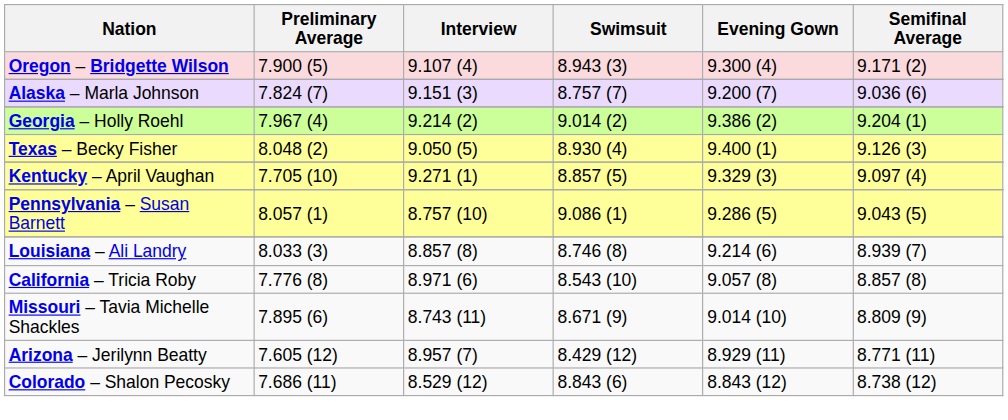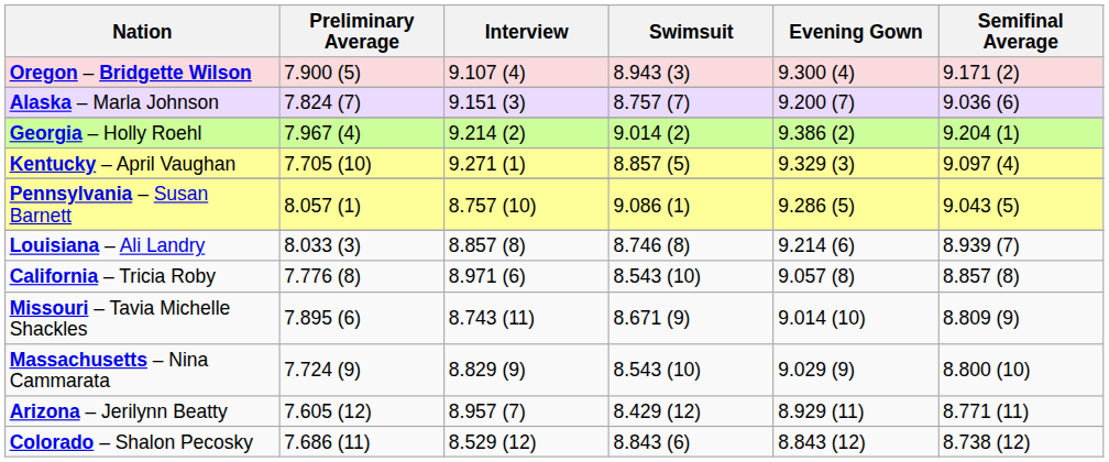 <table class="wikitable sortable collapsible" style="font-size:95%">
 <tr>
 <th width="25%">Nation</th>
 <th>Preliminary<br>Average</th>
 <th width="15%">Interview</th>
 <th width="15%">Swimsuit</th>
 <th width="15%">Evening Gown</th>
 <th width="15%">Semifinal Average</th>
 </tr>
 <tr style="background-color:#FADADD;">
 <td><strong> <a href='#'>Oregon</a></strong> – <strong><a href='#'>Bridgette Wilson</a></strong></td>
 <td>7.900 (5)</td>
 <td>9.107 (4)</td>
 <td>8.943 (3)</td>
 <td>9.300 (4)</td>
 <td>9.171 (2)</td>
 </tr>
 <tr>
 </tr>
 <tr style="background-color:#eadafd;">
 <td><strong> <a href='#'>Alaska</a></strong> – Marla Johnson</td>
 <td>7.824 (7)</td>
 <td>9.151 (3)</td>
 <td>8.757 (7)</td>
 <td>9.200 (7)</td>
 <td>9.036 (6)</td>
 </tr>
 <tr>
 </tr>
 <tr style="background-color:#ccff99;">
 <td><strong> <a href='#'>Georgia</a></strong> – Holly Roehl</td>
 <td>7.967 (4)</td>
 <td>9.214 (2)</td>
 <td>9.014 (2)</td>
 <td>9.386 (2)</td>
 <td>9.204 (1)</td>
-</tr>
-<tr style="background-color:#ffff99">
-<td><strong> <a href='#'>Texas</a></strong> – Becky Fisher</td>
-<td>8.048 (2)</td>
-<td>9.050 (5)</td>
-<td>8.930 (4)</td>
-<td>9.400 (1)</td>
-<td>9.126 (3)</td>
 </tr>
 <tr>
 </tr>
 <tr style="background-color:#ffff99;">
 <td><strong> <a href='#'>Kentucky</a></strong> – April Vaughan</td>
 <td>7.705 (10)</td>
 <td>9.271 (1)</td>
 <td>8.857 (5)</td>
 <td>9.329 (3)</td>
 <td>9.097 (4)</td>
 </tr>
 <tr>
 </tr>
 <tr style="background-color:#ffff99;">
 <td><strong> <a href='#'>Pennsylvania</a></strong> – <a href='#'>Susan Barnett</a></td>
 <td>8.057 (1)</td>
 <td>8.757 (10)</td>
 <td>9.086 (1)</td>
 <td>9.286 (5)</td>
 <td>9.043 (5)</td>
 </tr>
 <tr>
 </tr>
 <tr>
 </tr>
 <tr>
 <td><strong> <a href='#'>Louisiana</a></strong> – <a href='#'>Ali Landry</a></td>
 <td>8.033 (3)</td>
 <td>8.857 (8)</td>
 <td>8.746 (8)</td>
 <td>9.214 (6)</td>
 <td>8.939 (7)</td>
 </tr>
 <tr>
 <td><strong> <a href='#'>California</a></strong> – Tricia Roby</td>
 <td>7.776 (8)</td>
 <td>8.971 (6)</td>
 <td>8.543 (10)</td>
 <td>9.057 (8)</td>
 <td>8.857 (8)</td>
 </tr>
 <tr>
 <td><strong> <a href='#'>Missouri</a></strong> – Tavia Michelle Shackles</td>
 <td>7.895 (6)</td>
 <td>8.743 (11)</td>
 <td>8.671 (9)</td>
 <td>9.014 (10)</td>
 <td>8.809 (9)</td>
 </tr>
 <tr>
+<td><strong> <a href='#'>Massachusetts</a></strong> – Nina Cammarata</td>
+<td>7.724 (9)</td>
+<td>8.829 (9)</td>
+<td>8.543 (10)</td>
+<td>9.029 (9)</td>
+<td>8.800 (10)</td>
+</tr>
+<tr>
 <td><strong> <a href='#'>Arizona</a></strong> – Jerilynn Beatty</td>
 <td>7.605 (12)</td>
 <td>8.957 (7)</td>
 <td>8.429 (12)</td>
 <td>8.929 (11)</td>
 <td>8.771 (11)</td>
 </tr>
 <tr>
 <td><strong> <a href='#'>Colorado</a></strong> – Shalon Pecosky</td>
 <td>7.686 (11)</td>
 <td>8.529 (12)</td>
 <td>8.843 (6)</td>
 <td>8.843 (12)</td>
 <td>8.738 (12)</td>
 </tr>
 </table>
